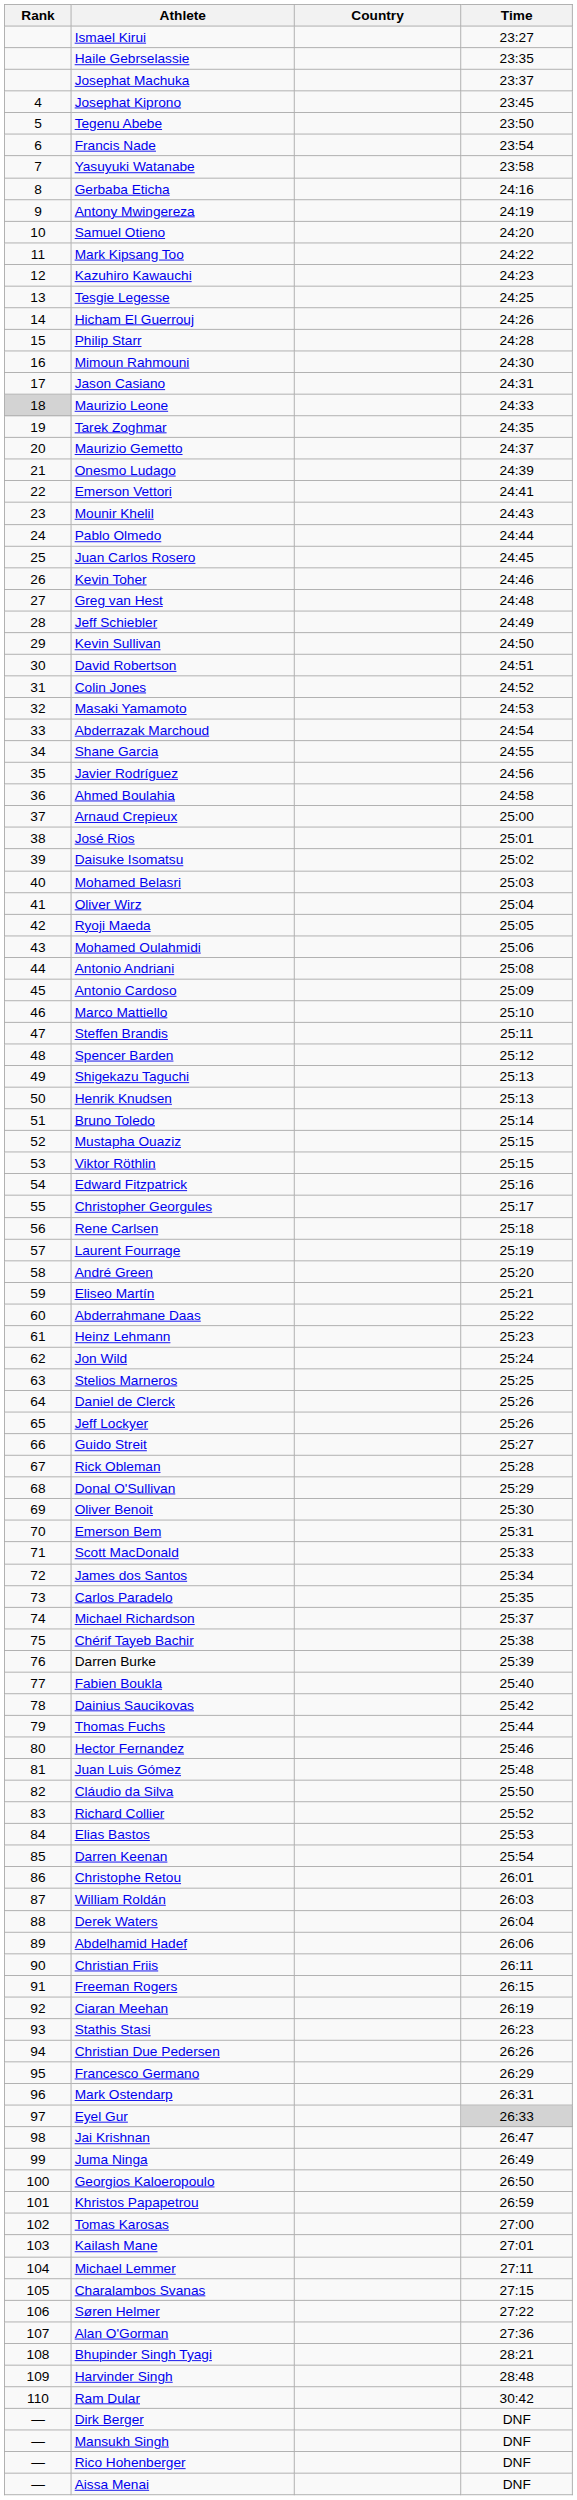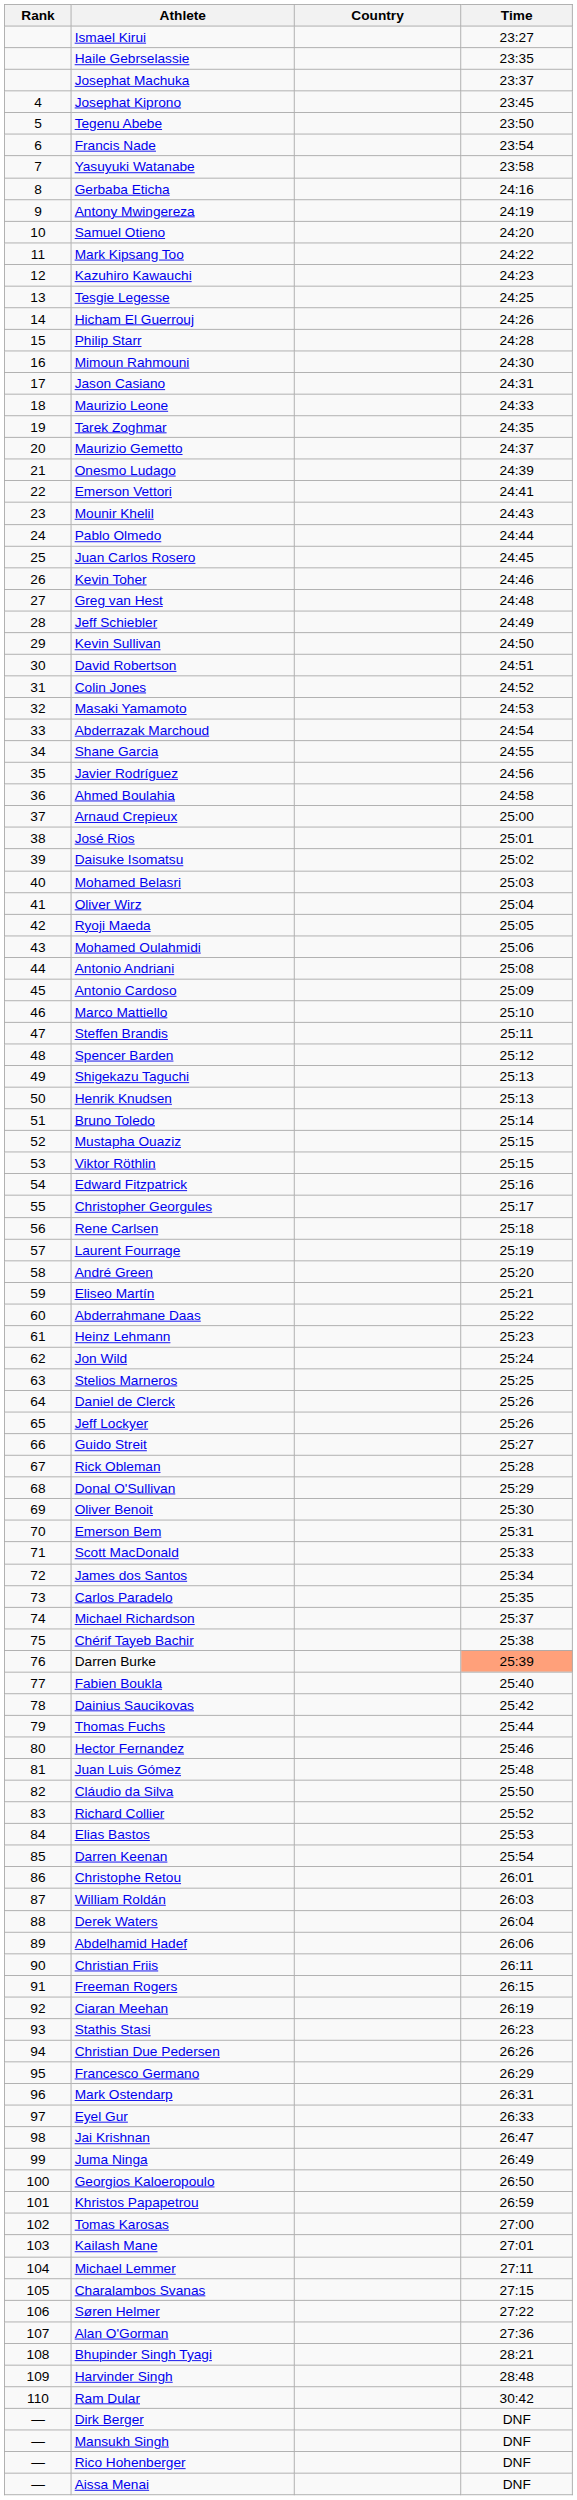 <table class="wikitable sortable" style=" text-align:center; font-size:95%;" width="50%">
 <tr>
 <th width=5%>Rank</th>
 <th width=20%>Athlete</th>
 <th width=15%>Country</th>
 <th width=10%>Time</th>
 </tr>
 <tr>
 <td align=center></td>
 <td align=left><a href='#'>Ismael Kirui</a></td>
 <td align=left></td>
 <td>23:27</td>
 </tr>
 <tr>
 <td align=center></td>
 <td align=left><a href='#'>Haile Gebrselassie</a></td>
 <td align=left></td>
 <td>23:35</td>
 </tr>
 <tr>
 <td align=center></td>
 <td align=left><a href='#'>Josephat Machuka</a></td>
 <td align=left></td>
 <td>23:37</td>
 </tr>
 <tr>
 <td align=center>4</td>
 <td align=left><a href='#'>Josephat Kiprono</a></td>
 <td align=left></td>
 <td>23:45</td>
 </tr>
 <tr>
 <td align=center>5</td>
 <td align=left><a href='#'>Tegenu Abebe</a></td>
 <td align=left></td>
 <td>23:50</td>
 </tr>
 <tr>
 <td align=center>6</td>
 <td align=left><a href='#'>Francis Nade</a></td>
 <td align=left></td>
 <td>23:54</td>
 </tr>
 <tr>
 <td align=center>7</td>
 <td align=left><a href='#'>Yasuyuki Watanabe</a></td>
 <td align=left></td>
 <td>23:58</td>
 </tr>
 <tr>
 <td align=center>8</td>
 <td align=left><a href='#'>Gerbaba Eticha</a></td>
 <td align=left></td>
 <td>24:16</td>
 </tr>
 <tr>
 <td align=center>9</td>
 <td align=left><a href='#'>Antony Mwingereza</a></td>
 <td align=left></td>
 <td>24:19</td>
 </tr>
 <tr>
 <td align=center>10</td>
 <td align=left><a href='#'>Samuel Otieno</a></td>
 <td align=left></td>
 <td>24:20</td>
 </tr>
 <tr>
 <td align=center>11</td>
 <td align=left><a href='#'>Mark Kipsang Too</a></td>
 <td align=left></td>
 <td>24:22</td>
 </tr>
 <tr>
 <td align=center>12</td>
 <td align=left><a href='#'>Kazuhiro Kawauchi</a></td>
 <td align=left></td>
 <td>24:23</td>
 </tr>
 <tr>
 <td align=center>13</td>
 <td align=left><a href='#'>Tesgie Legesse</a></td>
 <td align=left></td>
 <td>24:25</td>
 </tr>
 <tr>
 <td align=center>14</td>
 <td align=left><a href='#'>Hicham El Guerrouj</a></td>
 <td align=left></td>
 <td>24:26</td>
 </tr>
 <tr>
 <td align=center>15</td>
 <td align=left><a href='#'>Philip Starr</a></td>
 <td align=left></td>
 <td>24:28</td>
 </tr>
 <tr>
 <td align=center>16</td>
 <td align=left><a href='#'>Mimoun Rahmouni</a></td>
 <td align=left></td>
 <td>24:30</td>
 </tr>
 <tr>
 <td align=center>17</td>
 <td align=left><a href='#'>Jason Casiano</a></td>
 <td align=left></td>
 <td>24:31</td>
 </tr>
 <tr>
-<td align=center style="background: lightgrey;">18</td>
+<td align=center>18</td>
 <td align=left><a href='#'>Maurizio Leone</a></td>
 <td align=left></td>
 <td>24:33</td>
 </tr>
 <tr>
 <td align=center>19</td>
 <td align=left><a href='#'>Tarek Zoghmar</a></td>
 <td align=left></td>
 <td>24:35</td>
 </tr>
 <tr>
 <td align=center>20</td>
 <td align=left><a href='#'>Maurizio Gemetto</a></td>
 <td align=left></td>
 <td>24:37</td>
 </tr>
 <tr>
 <td align=center>21</td>
 <td align=left><a href='#'>Onesmo Ludago</a></td>
 <td align=left></td>
 <td>24:39</td>
 </tr>
 <tr>
 <td align=center>22</td>
 <td align=left><a href='#'>Emerson Vettori</a></td>
 <td align=left></td>
 <td>24:41</td>
 </tr>
 <tr>
 <td align=center>23</td>
 <td align=left><a href='#'>Mounir Khelil</a></td>
 <td align=left></td>
 <td>24:43</td>
 </tr>
 <tr>
 <td align=center>24</td>
 <td align=left><a href='#'>Pablo Olmedo</a></td>
 <td align=left></td>
 <td>24:44</td>
 </tr>
 <tr>
 <td align=center>25</td>
 <td align=left><a href='#'>Juan Carlos Rosero</a></td>
 <td align=left></td>
 <td>24:45</td>
 </tr>
 <tr>
 <td align=center>26</td>
 <td align=left><a href='#'>Kevin Toher</a></td>
 <td align=left></td>
 <td>24:46</td>
 </tr>
 <tr>
 <td align=center>27</td>
 <td align=left><a href='#'>Greg van Hest</a></td>
 <td align=left></td>
 <td>24:48</td>
 </tr>
 <tr>
 <td align=center>28</td>
 <td align=left><a href='#'>Jeff Schiebler</a></td>
 <td align=left></td>
 <td>24:49</td>
 </tr>
 <tr>
 <td align=center>29</td>
 <td align=left><a href='#'>Kevin Sullivan</a></td>
 <td align=left></td>
 <td>24:50</td>
 </tr>
 <tr>
 <td align=center>30</td>
 <td align=left><a href='#'>David Robertson</a></td>
 <td align=left></td>
 <td>24:51</td>
 </tr>
 <tr>
 <td align=center>31</td>
 <td align=left><a href='#'>Colin Jones</a></td>
 <td align=left></td>
 <td>24:52</td>
 </tr>
 <tr>
 <td align=center>32</td>
 <td align=left><a href='#'>Masaki Yamamoto</a></td>
 <td align=left></td>
 <td>24:53</td>
 </tr>
 <tr>
 <td align=center>33</td>
 <td align=left><a href='#'>Abderrazak Marchoud</a></td>
 <td align=left></td>
 <td>24:54</td>
 </tr>
 <tr>
 <td align=center>34</td>
 <td align=left><a href='#'>Shane Garcia</a></td>
 <td align=left></td>
 <td>24:55</td>
 </tr>
 <tr>
 <td align=center>35</td>
 <td align=left><a href='#'>Javier Rodríguez</a></td>
 <td align=left></td>
 <td>24:56</td>
 </tr>
 <tr>
 <td align=center>36</td>
 <td align=left><a href='#'>Ahmed Boulahia</a></td>
 <td align=left></td>
 <td>24:58</td>
 </tr>
 <tr>
 <td align=center>37</td>
 <td align=left><a href='#'>Arnaud Crepieux</a></td>
 <td align=left></td>
 <td>25:00</td>
 </tr>
 <tr>
 <td align=center>38</td>
 <td align=left><a href='#'>José Rios</a></td>
 <td align=left></td>
 <td>25:01</td>
 </tr>
 <tr>
 <td align=center>39</td>
 <td align=left><a href='#'>Daisuke Isomatsu</a></td>
 <td align=left></td>
 <td>25:02</td>
 </tr>
 <tr>
 <td align=center>40</td>
 <td align=left><a href='#'>Mohamed Belasri</a></td>
 <td align=left></td>
 <td>25:03</td>
 </tr>
 <tr>
 <td align=center>41</td>
 <td align=left><a href='#'>Oliver Wirz</a></td>
 <td align=left></td>
 <td>25:04</td>
 </tr>
 <tr>
 <td align=center>42</td>
 <td align=left><a href='#'>Ryoji Maeda</a></td>
 <td align=left></td>
 <td>25:05</td>
 </tr>
 <tr>
 <td align=center>43</td>
 <td align=left><a href='#'>Mohamed Oulahmidi</a></td>
 <td align=left></td>
 <td>25:06</td>
 </tr>
 <tr>
 <td align=center>44</td>
 <td align=left><a href='#'>Antonio Andriani</a></td>
 <td align=left></td>
 <td>25:08</td>
 </tr>
 <tr>
 <td align=center>45</td>
 <td align=left><a href='#'>Antonio Cardoso</a></td>
 <td align=left></td>
 <td>25:09</td>
 </tr>
 <tr>
 <td align=center>46</td>
 <td align=left><a href='#'>Marco Mattiello</a></td>
 <td align=left></td>
 <td>25:10</td>
 </tr>
 <tr>
 <td align=center>47</td>
 <td align=left><a href='#'>Steffen Brandis</a></td>
 <td align=left></td>
 <td>25:11</td>
 </tr>
 <tr>
 <td align=center>48</td>
 <td align=left><a href='#'>Spencer Barden</a></td>
 <td align=left></td>
 <td>25:12</td>
 </tr>
 <tr>
 <td align=center>49</td>
 <td align=left><a href='#'>Shigekazu Taguchi</a></td>
 <td align=left></td>
 <td>25:13</td>
 </tr>
 <tr>
 <td align=center>50</td>
 <td align=left><a href='#'>Henrik Knudsen</a></td>
 <td align=left></td>
 <td>25:13</td>
 </tr>
 <tr>
 <td align=center>51</td>
 <td align=left><a href='#'>Bruno Toledo</a></td>
 <td align=left></td>
 <td>25:14</td>
 </tr>
 <tr>
 <td align=center>52</td>
 <td align=left><a href='#'>Mustapha Ouaziz</a></td>
 <td align=left></td>
 <td>25:15</td>
 </tr>
 <tr>
 <td align=center>53</td>
 <td align=left><a href='#'>Viktor Röthlin</a></td>
 <td align=left></td>
 <td>25:15</td>
 </tr>
 <tr>
 <td align=center>54</td>
 <td align=left><a href='#'>Edward Fitzpatrick</a></td>
 <td align=left></td>
 <td>25:16</td>
 </tr>
 <tr>
 <td align=center>55</td>
 <td align=left><a href='#'>Christopher Georgules</a></td>
 <td align=left></td>
 <td>25:17</td>
 </tr>
 <tr>
 <td align=center>56</td>
 <td align=left><a href='#'>Rene Carlsen</a></td>
 <td align=left></td>
 <td>25:18</td>
 </tr>
 <tr>
 <td align=center>57</td>
 <td align=left><a href='#'>Laurent Fourrage</a></td>
 <td align=left></td>
 <td>25:19</td>
 </tr>
 <tr>
 <td align=center>58</td>
 <td align=left><a href='#'>André Green</a></td>
 <td align=left></td>
 <td>25:20</td>
 </tr>
 <tr>
 <td align=center>59</td>
 <td align=left><a href='#'>Eliseo Martín</a></td>
 <td align=left></td>
 <td>25:21</td>
 </tr>
 <tr>
 <td align=center>60</td>
 <td align=left><a href='#'>Abderrahmane Daas</a></td>
 <td align=left></td>
 <td>25:22</td>
 </tr>
 <tr>
 <td align=center>61</td>
 <td align=left><a href='#'>Heinz Lehmann</a></td>
 <td align=left></td>
 <td>25:23</td>
 </tr>
 <tr>
 <td align=center>62</td>
 <td align=left><a href='#'>Jon Wild</a></td>
 <td align=left></td>
 <td>25:24</td>
 </tr>
 <tr>
 <td align=center>63</td>
 <td align=left><a href='#'>Stelios Marneros</a></td>
 <td align=left></td>
 <td>25:25</td>
 </tr>
 <tr>
 <td align=center>64</td>
 <td align=left><a href='#'>Daniel de Clerck</a></td>
 <td align=left></td>
 <td>25:26</td>
 </tr>
 <tr>
 <td align=center>65</td>
 <td align=left><a href='#'>Jeff Lockyer</a></td>
 <td align=left></td>
 <td>25:26</td>
 </tr>
 <tr>
 <td align=center>66</td>
 <td align=left><a href='#'>Guido Streit</a></td>
 <td align=left></td>
 <td>25:27</td>
 </tr>
 <tr>
 <td align=center>67</td>
 <td align=left><a href='#'>Rick Obleman</a></td>
 <td align=left></td>
 <td>25:28</td>
 </tr>
 <tr>
 <td align=center>68</td>
 <td align=left><a href='#'>Donal O'Sullivan</a></td>
 <td align=left></td>
 <td>25:29</td>
 </tr>
 <tr>
 <td align=center>69</td>
 <td align=left><a href='#'>Oliver Benoit</a></td>
 <td align=left></td>
 <td>25:30</td>
 </tr>
 <tr>
 <td align=center>70</td>
 <td align=left><a href='#'>Emerson Bem</a></td>
 <td align=left></td>
 <td>25:31</td>
 </tr>
 <tr>
 <td align=center>71</td>
 <td align=left><a href='#'>Scott MacDonald</a></td>
 <td align=left></td>
 <td>25:33</td>
 </tr>
 <tr>
 <td align=center>72</td>
 <td align=left><a href='#'>James dos Santos</a></td>
 <td align=left></td>
 <td>25:34</td>
 </tr>
 <tr>
 <td align=center>73</td>
 <td align=left><a href='#'>Carlos Paradelo</a></td>
 <td align=left></td>
 <td>25:35</td>
 </tr>
 <tr>
 <td align=center>74</td>
 <td align=left><a href='#'>Michael Richardson</a></td>
 <td align=left></td>
 <td>25:37</td>
 </tr>
 <tr>
 <td align=center>75</td>
 <td align=left><a href='#'>Chérif Tayeb Bachir</a></td>
 <td align=left></td>
 <td>25:38</td>
 </tr>
 <tr>
 <td align=center>76</td>
 <td align=left>Darren Burke</td>
 <td align=left></td>
-<td>25:39</td>
+<td style="background: lightsalmon;">25:39</td>
 </tr>
 <tr>
 <td align=center>77</td>
 <td align=left><a href='#'>Fabien Boukla</a></td>
 <td align=left></td>
 <td>25:40</td>
 </tr>
 <tr>
 <td align=center>78</td>
 <td align=left><a href='#'>Dainius Saucikovas</a></td>
 <td align=left></td>
 <td>25:42</td>
 </tr>
 <tr>
 <td align=center>79</td>
 <td align=left><a href='#'>Thomas Fuchs</a></td>
 <td align=left></td>
 <td>25:44</td>
 </tr>
 <tr>
 <td align=center>80</td>
 <td align=left><a href='#'>Hector Fernandez</a></td>
 <td align=left></td>
 <td>25:46</td>
 </tr>
 <tr>
 <td align=center>81</td>
 <td align=left><a href='#'>Juan Luis Gómez</a></td>
 <td align=left></td>
 <td>25:48</td>
 </tr>
 <tr>
 <td align=center>82</td>
 <td align=left><a href='#'>Cláudio da Silva</a></td>
 <td align=left></td>
 <td>25:50</td>
 </tr>
 <tr>
 <td align=center>83</td>
 <td align=left><a href='#'>Richard Collier</a></td>
 <td align=left></td>
 <td>25:52</td>
 </tr>
 <tr>
 <td align=center>84</td>
 <td align=left><a href='#'>Elias Bastos</a></td>
 <td align=left></td>
 <td>25:53</td>
 </tr>
 <tr>
 <td align=center>85</td>
 <td align=left><a href='#'>Darren Keenan</a></td>
 <td align=left></td>
 <td>25:54</td>
 </tr>
 <tr>
 <td align=center>86</td>
 <td align=left><a href='#'>Christophe Retou</a></td>
 <td align=left></td>
 <td>26:01</td>
 </tr>
 <tr>
 <td align=center>87</td>
 <td align=left><a href='#'>William Roldán</a></td>
 <td align=left></td>
 <td>26:03</td>
 </tr>
 <tr>
 <td align=center>88</td>
 <td align=left><a href='#'>Derek Waters</a></td>
 <td align=left></td>
 <td>26:04</td>
 </tr>
 <tr>
 <td align=center>89</td>
 <td align=left><a href='#'>Abdelhamid Hadef</a></td>
 <td align=left></td>
 <td>26:06</td>
 </tr>
 <tr>
 <td align=center>90</td>
 <td align=left><a href='#'>Christian Friis</a></td>
 <td align=left></td>
 <td>26:11</td>
 </tr>
 <tr>
 <td align=center>91</td>
 <td align=left><a href='#'>Freeman Rogers</a></td>
 <td align=left></td>
 <td>26:15</td>
 </tr>
 <tr>
 <td align=center>92</td>
 <td align=left><a href='#'>Ciaran Meehan</a></td>
 <td align=left></td>
 <td>26:19</td>
 </tr>
 <tr>
 <td align=center>93</td>
 <td align=left><a href='#'>Stathis Stasi</a></td>
 <td align=left></td>
 <td>26:23</td>
 </tr>
 <tr>
 <td align=center>94</td>
 <td align=left><a href='#'>Christian Due Pedersen</a></td>
 <td align=left></td>
 <td>26:26</td>
 </tr>
 <tr>
 <td align=center>95</td>
 <td align=left><a href='#'>Francesco Germano</a></td>
 <td align=left></td>
 <td>26:29</td>
 </tr>
 <tr>
 <td align=center>96</td>
 <td align=left><a href='#'>Mark Ostendarp</a></td>
 <td align=left></td>
 <td>26:31</td>
 </tr>
 <tr>
 <td align=center>97</td>
 <td align=left><a href='#'>Eyel Gur</a></td>
 <td align=left></td>
-<td style="background: lightgrey;">26:33</td>
+<td>26:33</td>
 </tr>
 <tr>
 <td align=center>98</td>
 <td align=left><a href='#'>Jai Krishnan</a></td>
 <td align=left></td>
 <td>26:47</td>
 </tr>
 <tr>
 <td align=center>99</td>
 <td align=left><a href='#'>Juma Ninga</a></td>
 <td align=left></td>
 <td>26:49</td>
 </tr>
 <tr>
 <td align=center>100</td>
 <td align=left><a href='#'>Georgios Kaloeropoulo</a></td>
 <td align=left></td>
 <td>26:50</td>
 </tr>
 <tr>
 <td align=center>101</td>
 <td align=left><a href='#'>Khristos Papapetrou</a></td>
 <td align=left></td>
 <td>26:59</td>
 </tr>
 <tr>
 <td align=center>102</td>
 <td align=left><a href='#'>Tomas Karosas</a></td>
 <td align=left></td>
 <td>27:00</td>
 </tr>
 <tr>
 <td align=center>103</td>
 <td align=left><a href='#'>Kailash Mane</a></td>
 <td align=left></td>
 <td>27:01</td>
 </tr>
 <tr>
 <td align=center>104</td>
 <td align=left><a href='#'>Michael Lemmer</a></td>
 <td align=left></td>
 <td>27:11</td>
 </tr>
 <tr>
 <td align=center>105</td>
 <td align=left><a href='#'>Charalambos Svanas</a></td>
 <td align=left></td>
 <td>27:15</td>
 </tr>
 <tr>
 <td align=center>106</td>
 <td align=left><a href='#'>Søren Helmer</a></td>
 <td align=left></td>
 <td>27:22</td>
 </tr>
 <tr>
 <td align=center>107</td>
 <td align=left><a href='#'>Alan O'Gorman</a></td>
 <td align=left></td>
 <td>27:36</td>
 </tr>
 <tr>
 <td align=center>108</td>
 <td align=left><a href='#'>Bhupinder Singh Tyagi</a></td>
 <td align=left></td>
 <td>28:21</td>
 </tr>
 <tr>
 <td align=center>109</td>
 <td align=left><a href='#'>Harvinder Singh</a></td>
 <td align=left></td>
 <td>28:48</td>
 </tr>
 <tr>
 <td align=center>110</td>
 <td align=left><a href='#'>Ram Dular</a></td>
 <td align=left></td>
 <td>30:42</td>
 </tr>
 <tr>
 <td align=center>—</td>
 <td align=left><a href='#'>Dirk Berger</a></td>
 <td align=left></td>
 <td>DNF</td>
 </tr>
 <tr>
 <td align=center>—</td>
 <td align=left><a href='#'>Mansukh Singh</a></td>
 <td align=left></td>
 <td>DNF</td>
 </tr>
 <tr>
 <td align=center>—</td>
 <td align=left><a href='#'>Rico Hohenberger</a></td>
 <td align=left></td>
 <td>DNF</td>
 </tr>
 <tr>
 <td align=center>—</td>
 <td align=left><a href='#'>Aissa Menai</a></td>
 <td align=left></td>
 <td>DNF</td>
 </tr>
 </table>
